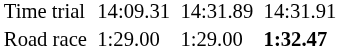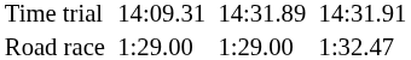 <table>
 <tr>
 <td>Time trial</td>
 <td></td>
 <td>14:09.31</td>
 <td></td>
 <td>14:31.89</td>
 <td></td>
 <td>14:31.91</td>
 </tr>
 <tr>
 <td>Road race</td>
 <td></td>
 <td>1:29.00</td>
 <td></td>
 <td>1:29.00</td>
 <td></td>
-<td><strong>1:32.47</strong></td>
+<td>1:32.47</td>
 </tr>
 </table>
